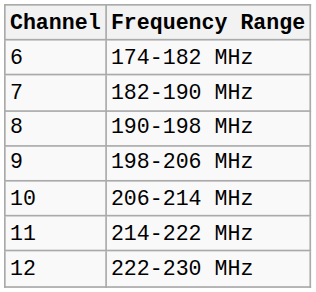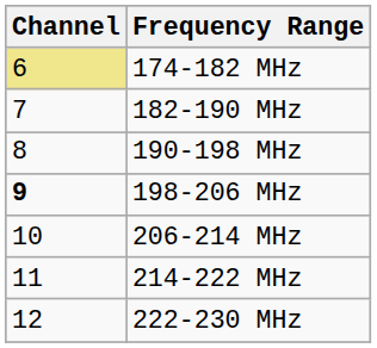 <table class="wikitable sortable static-row-numbers">
 <tr>
 <th>Channel</th>
 <th>Frequency Range</th>
 </tr>
 <tr>
-<td>6</td>
+<td style="background: khaki;">6</td>
 <td>174-182 MHz</td>
 </tr>
 <tr>
 <td>7</td>
 <td>182-190 MHz</td>
 </tr>
 <tr>
 <td>8</td>
 <td>190-198 MHz</td>
 </tr>
 <tr>
-<td>9</td>
+<td><strong>9</strong></td>
 <td>198-206 MHz</td>
 </tr>
 <tr>
 <td>10</td>
 <td>206-214 MHz</td>
 </tr>
 <tr>
 <td>11</td>
 <td>214-222 MHz</td>
 </tr>
 <tr>
 <td>12</td>
 <td>222-230 MHz</td>
 </tr>
 </table>
